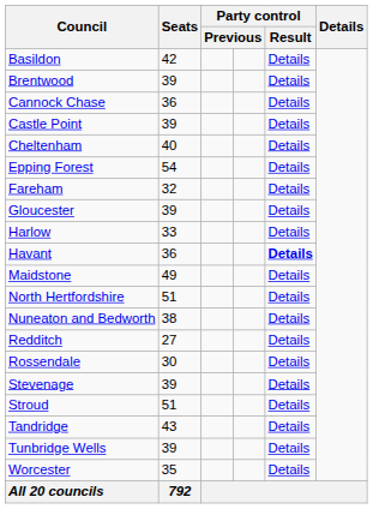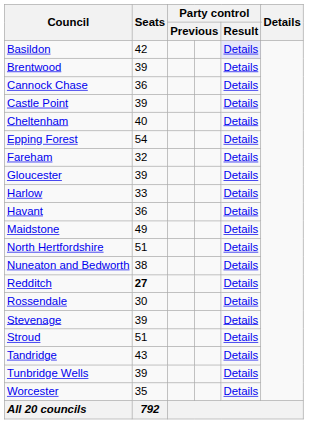 <table class="wikitable sortable">
 <tr>
 <th rowspan="2">Council</th>
 <th rowspan="2">Seats</th>
 <th colspan="4">Party control</th>
 <th rowspan="2">Details</th>
 </tr>
 <tr>
 <th colspan="2">Previous</th>
 <th colspan="2">Result</th>
 </tr>
 <tr>
 <td><a href='#'>Basildon</a></td>
 <td>42</td>
 <td></td>
 <td></td>
-<td><a href='#'>Details</a></td>
+<td style="background: lavender;"><a href='#'>Details</a></td>
 </tr>
 <tr>
 <td><a href='#'>Brentwood</a></td>
 <td>39</td>
 <td></td>
 <td></td>
 <td><a href='#'>Details</a></td>
 </tr>
 <tr>
 <td><a href='#'>Cannock Chase</a></td>
 <td>36</td>
 <td></td>
 <td></td>
 <td><a href='#'>Details</a></td>
 </tr>
 <tr>
 <td><a href='#'>Castle Point</a></td>
 <td>39</td>
 <td></td>
 <td></td>
 <td><a href='#'>Details</a></td>
 </tr>
 <tr>
 <td><a href='#'>Cheltenham</a></td>
 <td>40</td>
 <td></td>
 <td></td>
 <td><a href='#'>Details</a></td>
 </tr>
 <tr>
 <td><a href='#'>Epping Forest</a></td>
 <td>54</td>
 <td></td>
 <td></td>
 <td><a href='#'>Details</a></td>
 </tr>
 <tr>
 <td><a href='#'>Fareham</a></td>
 <td>32</td>
 <td></td>
 <td></td>
 <td><a href='#'>Details</a></td>
 </tr>
 <tr>
 <td><a href='#'>Gloucester</a></td>
 <td>39</td>
 <td></td>
 <td></td>
 <td><a href='#'>Details</a></td>
 </tr>
 <tr>
 <td><a href='#'>Harlow</a></td>
 <td>33</td>
 <td></td>
 <td></td>
 <td><a href='#'>Details</a></td>
 </tr>
 <tr>
 <td><a href='#'>Havant</a></td>
 <td>36</td>
 <td></td>
 <td></td>
-<td><strong><a href='#'>Details</a></strong></td>
+<td><a href='#'>Details</a></td>
 </tr>
 <tr>
 <td><a href='#'>Maidstone</a></td>
 <td>49</td>
 <td></td>
 <td></td>
 <td><a href='#'>Details</a></td>
 </tr>
 <tr>
 <td><a href='#'>North Hertfordshire</a></td>
 <td>51</td>
 <td></td>
 <td></td>
 <td><a href='#'>Details</a></td>
 </tr>
 <tr>
 <td><a href='#'>Nuneaton and Bedworth</a></td>
 <td>38</td>
 <td></td>
 <td></td>
 <td><a href='#'>Details</a></td>
 </tr>
 <tr>
 <td><a href='#'>Redditch</a></td>
-<td>27</td>
+<td><strong>27</strong></td>
 <td></td>
 <td></td>
 <td><a href='#'>Details</a></td>
 </tr>
 <tr>
 <td><a href='#'>Rossendale</a></td>
 <td>30</td>
 <td></td>
 <td></td>
 <td><a href='#'>Details</a></td>
 </tr>
 <tr>
 <td><a href='#'>Stevenage</a></td>
 <td>39</td>
 <td></td>
 <td></td>
 <td><a href='#'>Details</a></td>
 </tr>
 <tr>
 <td><a href='#'>Stroud</a></td>
 <td>51</td>
 <td></td>
 <td></td>
 <td><a href='#'>Details</a></td>
 </tr>
 <tr>
 <td><a href='#'>Tandridge</a></td>
 <td>43</td>
 <td></td>
 <td></td>
 <td><a href='#'>Details</a></td>
 </tr>
 <tr>
 <td><a href='#'>Tunbridge Wells</a></td>
 <td>39</td>
 <td></td>
 <td></td>
 <td><a href='#'>Details</a></td>
 </tr>
 <tr>
 <td><a href='#'>Worcester</a></td>
 <td>35</td>
 <td></td>
 <td></td>
 <td><a href='#'>Details</a></td>
 </tr>
 <tr class="sortbottom">
 <th style="text-align:left;"><em>All 20 councils</em></th>
 <th><em>792</em></th>
 <th colspan="5"></th>
 </tr>
 </table>
